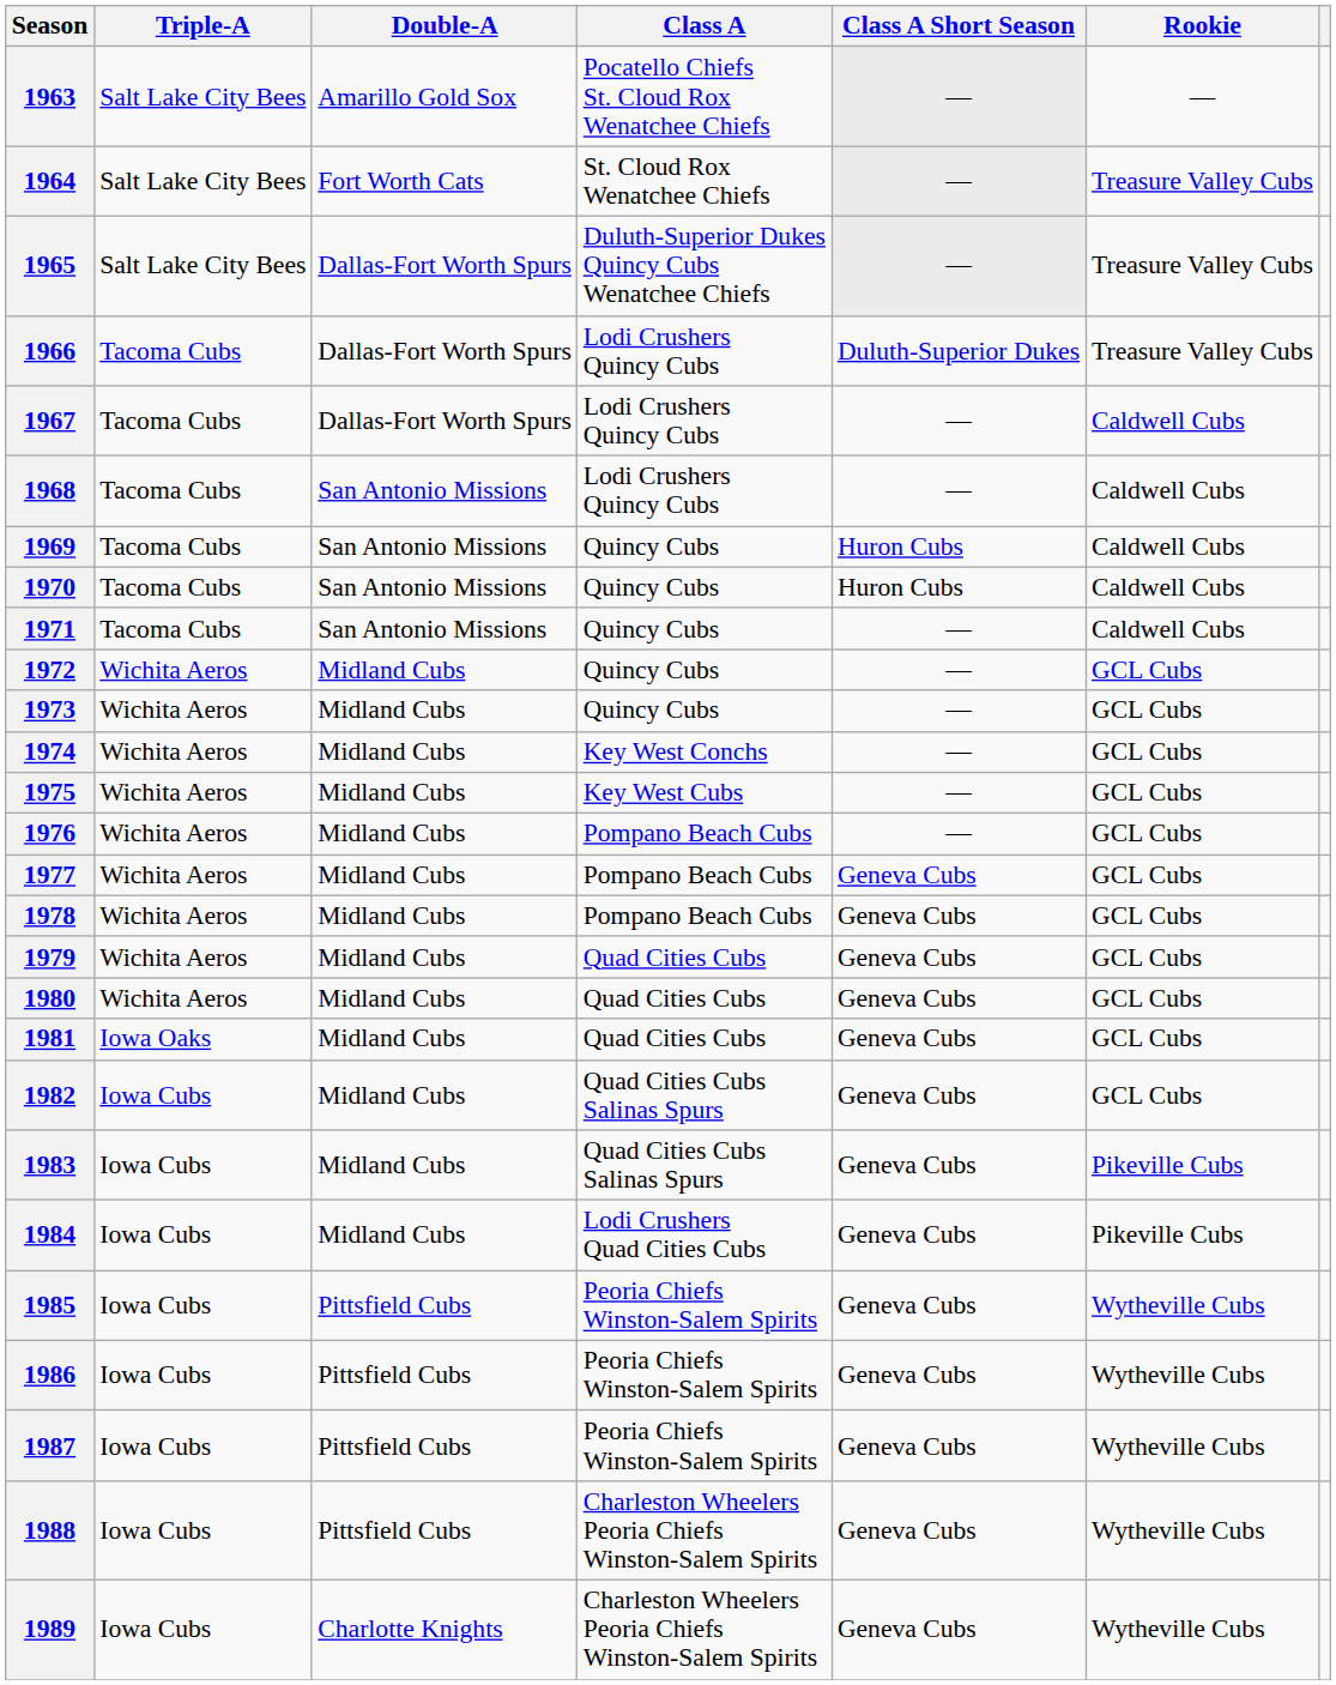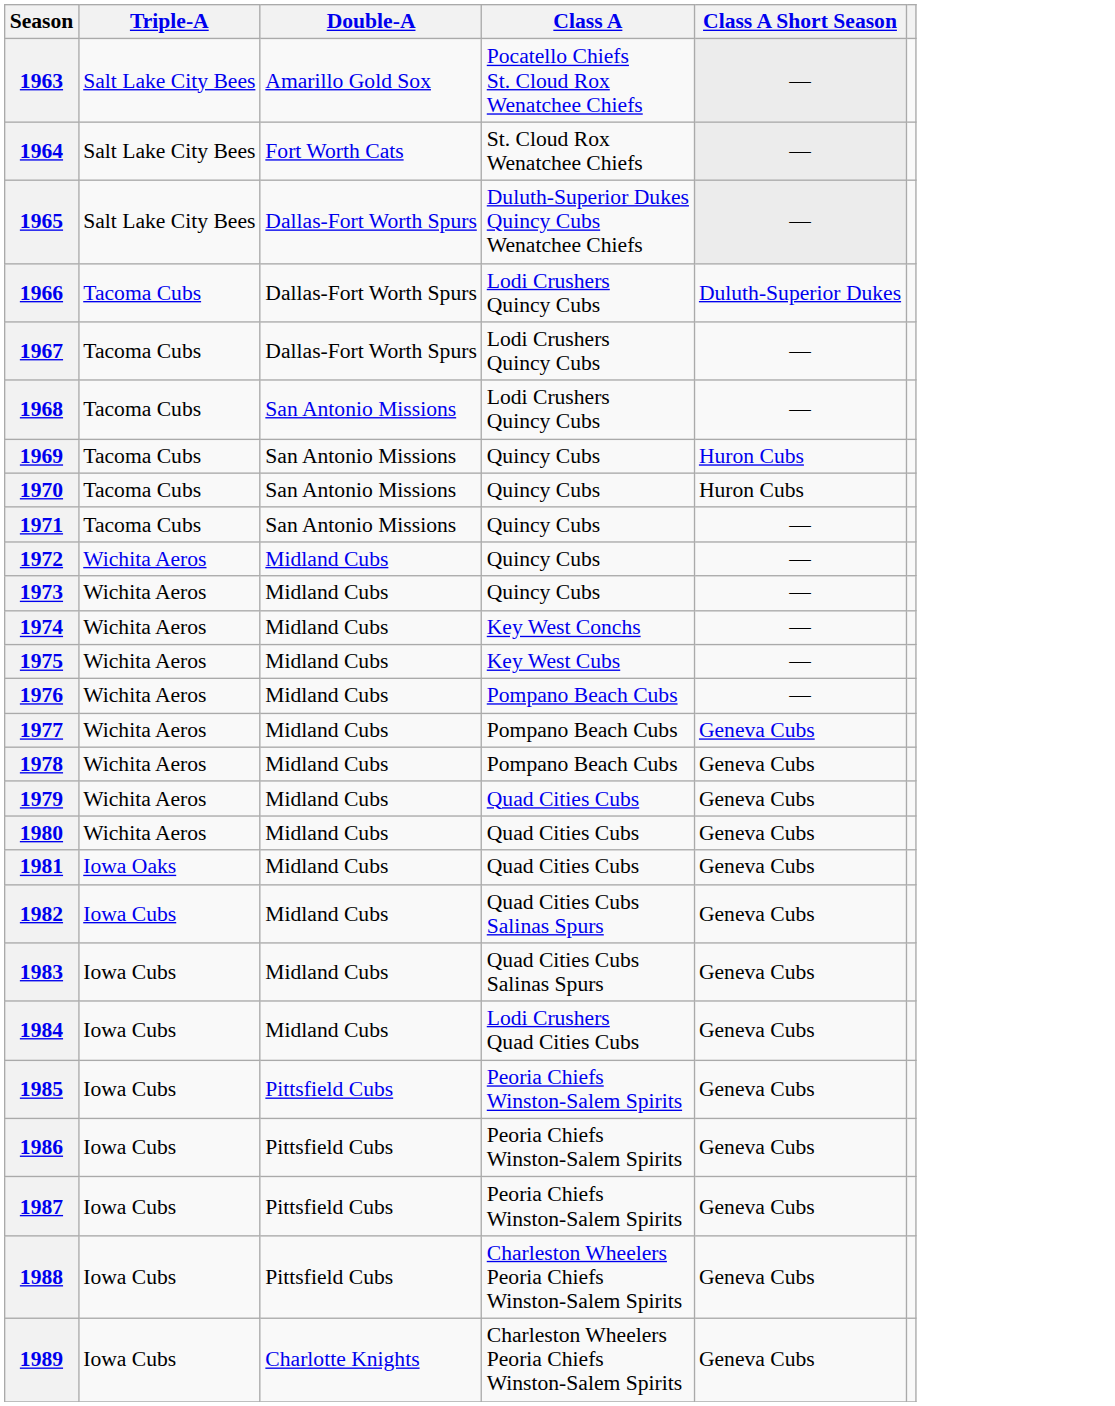 <table class="wikitable plainrowheaders">
 <tr>
 <th scope="col">Season</th>
 <th scope="col"><a href='#'><span>Triple-A</span></a></th>
 <th scope="col"><a href='#'><span>Double-A</span></a></th>
 <th scope="col"><a href='#'><span>Class A</span></a></th>
 <th scope="col"><a href='#'><span>Class A Short Season</span></a></th>
-<th scope="col"><a href='#'><span>Rookie</span></a></th>
 <th scope="col"></th>
 </tr>
 <tr>
 <th scope="row" style="text-align:center"><a href='#'>1963</a></th>
 <td><a href='#'>Salt Lake City Bees</a></td>
 <td><a href='#'>Amarillo Gold Sox</a></td>
 <td><a href='#'>Pocatello Chiefs</a><br><a href='#'>St. Cloud Rox</a><br><a href='#'>Wenatchee Chiefs</a></td>
 <td style="background:#ececec" align="center">—</td>
-<td align="center">—</td>
 <td align="center"></td>
 </tr>
 <tr>
 <th scope="row" style="text-align:center"><a href='#'>1964</a></th>
 <td>Salt Lake City Bees</td>
 <td><a href='#'>Fort Worth Cats</a></td>
 <td>St. Cloud Rox<br>Wenatchee Chiefs</td>
 <td style="background:#ececec" align="center">—</td>
-<td><a href='#'>Treasure Valley Cubs</a></td>
 <td align="center"></td>
 </tr>
 <tr>
 <th scope="row" style="text-align:center"><a href='#'>1965</a></th>
 <td>Salt Lake City Bees</td>
 <td><a href='#'>Dallas-Fort Worth Spurs</a></td>
 <td><a href='#'>Duluth-Superior Dukes</a><br><a href='#'>Quincy Cubs</a><br>Wenatchee Chiefs</td>
 <td style="background:#ececec" align="center">—</td>
-<td>Treasure Valley Cubs</td>
 <td align="center"></td>
 </tr>
 <tr>
 <th scope="row" style="text-align:center"><a href='#'>1966</a></th>
 <td><a href='#'>Tacoma Cubs</a></td>
 <td>Dallas-Fort Worth Spurs</td>
 <td><a href='#'>Lodi Crushers</a><br>Quincy Cubs</td>
 <td><a href='#'>Duluth-Superior Dukes</a></td>
-<td>Treasure Valley Cubs</td>
 <td align="center"></td>
 </tr>
 <tr>
 <th scope="row" style="text-align:center"><a href='#'>1967</a></th>
 <td>Tacoma Cubs</td>
 <td>Dallas-Fort Worth Spurs</td>
 <td>Lodi Crushers<br>Quincy Cubs</td>
 <td align="center">—</td>
-<td><a href='#'>Caldwell Cubs</a></td>
 <td align="center"></td>
 </tr>
 <tr>
 <th scope="row" style="text-align:center"><a href='#'>1968</a></th>
 <td>Tacoma Cubs</td>
 <td><a href='#'>San Antonio Missions</a></td>
 <td>Lodi Crushers<br>Quincy Cubs</td>
 <td align="center">—</td>
-<td>Caldwell Cubs</td>
 <td align="center"></td>
 </tr>
 <tr>
 <th scope="row" style="text-align:center"><a href='#'>1969</a></th>
 <td>Tacoma Cubs</td>
 <td>San Antonio Missions</td>
 <td>Quincy Cubs</td>
 <td><a href='#'>Huron Cubs</a></td>
-<td>Caldwell Cubs</td>
 <td align="center"></td>
 </tr>
 <tr>
 <th scope="row" style="text-align:center"><a href='#'>1970</a></th>
 <td>Tacoma Cubs</td>
 <td>San Antonio Missions</td>
 <td>Quincy Cubs</td>
 <td>Huron Cubs</td>
-<td>Caldwell Cubs</td>
 <td align="center"></td>
 </tr>
 <tr>
 <th scope="row" style="text-align:center"><a href='#'>1971</a></th>
 <td>Tacoma Cubs</td>
 <td>San Antonio Missions</td>
 <td>Quincy Cubs</td>
 <td align="center">—</td>
-<td>Caldwell Cubs</td>
 <td align="center"></td>
 </tr>
 <tr>
 <th scope="row" style="text-align:center"><a href='#'>1972</a></th>
 <td><a href='#'>Wichita Aeros</a></td>
 <td><a href='#'>Midland Cubs</a></td>
 <td>Quincy Cubs</td>
 <td align="center">—</td>
-<td><a href='#'>GCL Cubs</a></td>
 <td align="center"></td>
 </tr>
 <tr>
 <th scope="row" style="text-align:center"><a href='#'>1973</a></th>
 <td>Wichita Aeros</td>
 <td>Midland Cubs</td>
 <td>Quincy Cubs</td>
 <td align="center">—</td>
-<td>GCL Cubs</td>
 <td align="center"></td>
 </tr>
 <tr>
 <th scope="row" style="text-align:center"><a href='#'>1974</a></th>
 <td>Wichita Aeros</td>
 <td>Midland Cubs</td>
 <td><a href='#'>Key West Conchs</a></td>
 <td align="center">—</td>
-<td>GCL Cubs</td>
 <td align="center"></td>
 </tr>
 <tr>
 <th scope="row" style="text-align:center"><a href='#'>1975</a></th>
 <td>Wichita Aeros</td>
 <td>Midland Cubs</td>
 <td><a href='#'>Key West Cubs</a></td>
 <td align="center">—</td>
-<td>GCL Cubs</td>
 <td align="center"></td>
 </tr>
 <tr>
 <th scope="row" style="text-align:center"><a href='#'>1976</a></th>
 <td>Wichita Aeros</td>
 <td>Midland Cubs</td>
 <td><a href='#'>Pompano Beach Cubs</a></td>
 <td align="center">—</td>
-<td>GCL Cubs</td>
 <td align="center"></td>
 </tr>
 <tr>
 <th scope="row" style="text-align:center"><a href='#'>1977</a></th>
 <td>Wichita Aeros</td>
 <td>Midland Cubs</td>
 <td>Pompano Beach Cubs</td>
 <td><a href='#'>Geneva Cubs</a></td>
-<td>GCL Cubs</td>
 <td align="center"></td>
 </tr>
 <tr>
 <th scope="row" style="text-align:center"><a href='#'>1978</a></th>
 <td>Wichita Aeros</td>
 <td>Midland Cubs</td>
 <td>Pompano Beach Cubs</td>
 <td>Geneva Cubs</td>
-<td>GCL Cubs</td>
 <td align="center"></td>
 </tr>
 <tr>
 <th scope="row" style="text-align:center"><a href='#'>1979</a></th>
 <td>Wichita Aeros</td>
 <td>Midland Cubs</td>
 <td><a href='#'>Quad Cities Cubs</a></td>
 <td>Geneva Cubs</td>
-<td>GCL Cubs</td>
 <td align="center"></td>
 </tr>
 <tr>
 <th scope="row" style="text-align:center"><a href='#'>1980</a></th>
 <td>Wichita Aeros</td>
 <td>Midland Cubs</td>
 <td>Quad Cities Cubs</td>
 <td>Geneva Cubs</td>
-<td>GCL Cubs</td>
 <td align="center"></td>
 </tr>
 <tr>
 <th scope="row" style="text-align:center"><a href='#'>1981</a></th>
 <td><a href='#'>Iowa Oaks</a></td>
 <td>Midland Cubs</td>
 <td>Quad Cities Cubs</td>
 <td>Geneva Cubs</td>
-<td>GCL Cubs</td>
 <td align="center"></td>
 </tr>
 <tr>
 <th scope="row" style="text-align:center"><a href='#'>1982</a></th>
 <td><a href='#'>Iowa Cubs</a></td>
 <td>Midland Cubs</td>
 <td>Quad Cities Cubs<br><a href='#'>Salinas Spurs</a></td>
 <td>Geneva Cubs</td>
-<td>GCL Cubs</td>
 <td align="center"></td>
 </tr>
 <tr>
 <th scope="row" style="text-align:center"><a href='#'>1983</a></th>
 <td>Iowa Cubs</td>
 <td>Midland Cubs</td>
 <td>Quad Cities Cubs<br>Salinas Spurs</td>
 <td>Geneva Cubs</td>
-<td><a href='#'>Pikeville Cubs</a></td>
 <td align="center"></td>
 </tr>
 <tr>
 <th scope="row" style="text-align:center"><a href='#'>1984</a></th>
 <td>Iowa Cubs</td>
 <td>Midland Cubs</td>
 <td><a href='#'>Lodi Crushers</a><br>Quad Cities Cubs</td>
 <td>Geneva Cubs</td>
-<td>Pikeville Cubs</td>
 <td align="center"></td>
 </tr>
 <tr>
 <th scope="row" style="text-align:center"><a href='#'>1985</a></th>
 <td>Iowa Cubs</td>
 <td><a href='#'>Pittsfield Cubs</a></td>
 <td><a href='#'>Peoria Chiefs</a><br><a href='#'>Winston-Salem Spirits</a></td>
 <td>Geneva Cubs</td>
-<td><a href='#'>Wytheville Cubs</a></td>
 <td align="center"></td>
 </tr>
 <tr>
 <th scope="row" style="text-align:center"><a href='#'>1986</a></th>
 <td>Iowa Cubs</td>
 <td>Pittsfield Cubs</td>
 <td>Peoria Chiefs<br>Winston-Salem Spirits</td>
 <td>Geneva Cubs</td>
-<td>Wytheville Cubs</td>
 <td align="center"></td>
 </tr>
 <tr>
 <th scope="row" style="text-align:center"><a href='#'>1987</a></th>
 <td>Iowa Cubs</td>
 <td>Pittsfield Cubs</td>
 <td>Peoria Chiefs<br>Winston-Salem Spirits</td>
 <td>Geneva Cubs</td>
-<td>Wytheville Cubs</td>
 <td align="center"></td>
 </tr>
 <tr>
 <th scope="row" style="text-align:center"><a href='#'>1988</a></th>
 <td>Iowa Cubs</td>
 <td>Pittsfield Cubs</td>
 <td><a href='#'>Charleston Wheelers</a><br>Peoria Chiefs<br>Winston-Salem Spirits</td>
 <td>Geneva Cubs</td>
-<td>Wytheville Cubs</td>
 <td align="center"></td>
 </tr>
 <tr>
 <th scope="row" style="text-align:center"><a href='#'>1989</a></th>
 <td>Iowa Cubs</td>
 <td><a href='#'>Charlotte Knights</a></td>
 <td>Charleston Wheelers<br>Peoria Chiefs<br> Winston-Salem Spirits</td>
 <td>Geneva Cubs</td>
-<td>Wytheville Cubs</td>
 <td align="center"></td>
 </tr>
 </table>
